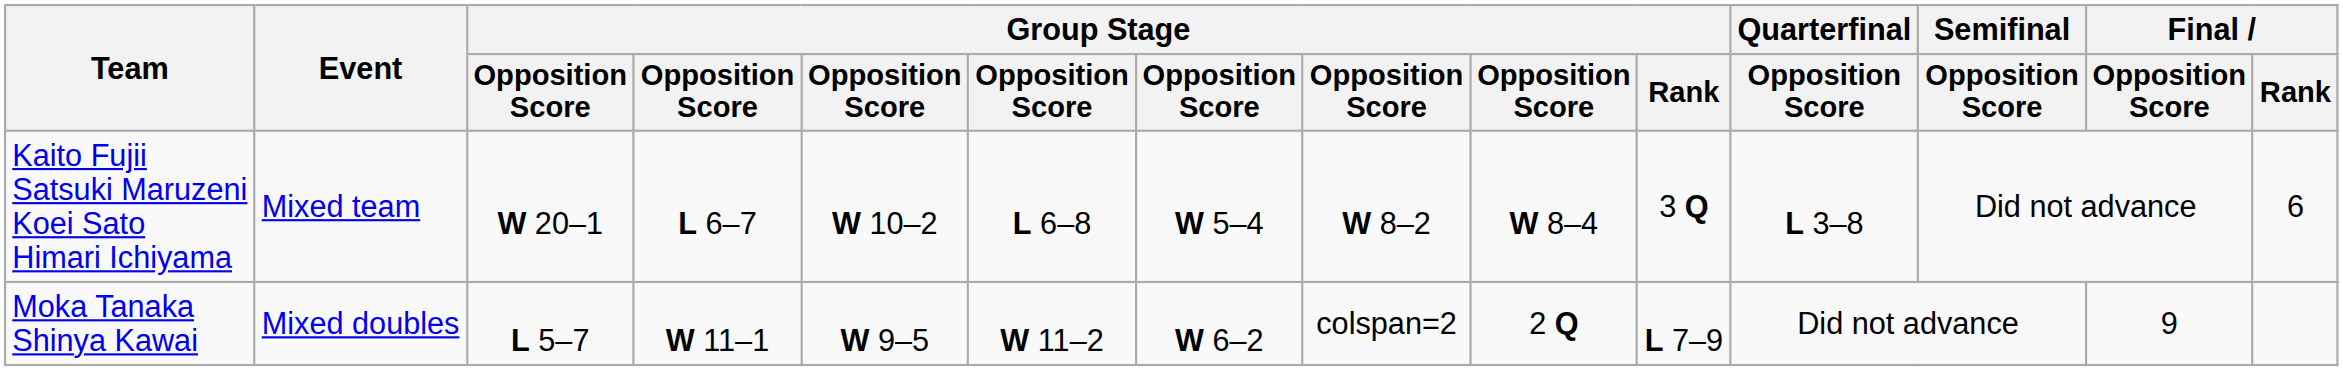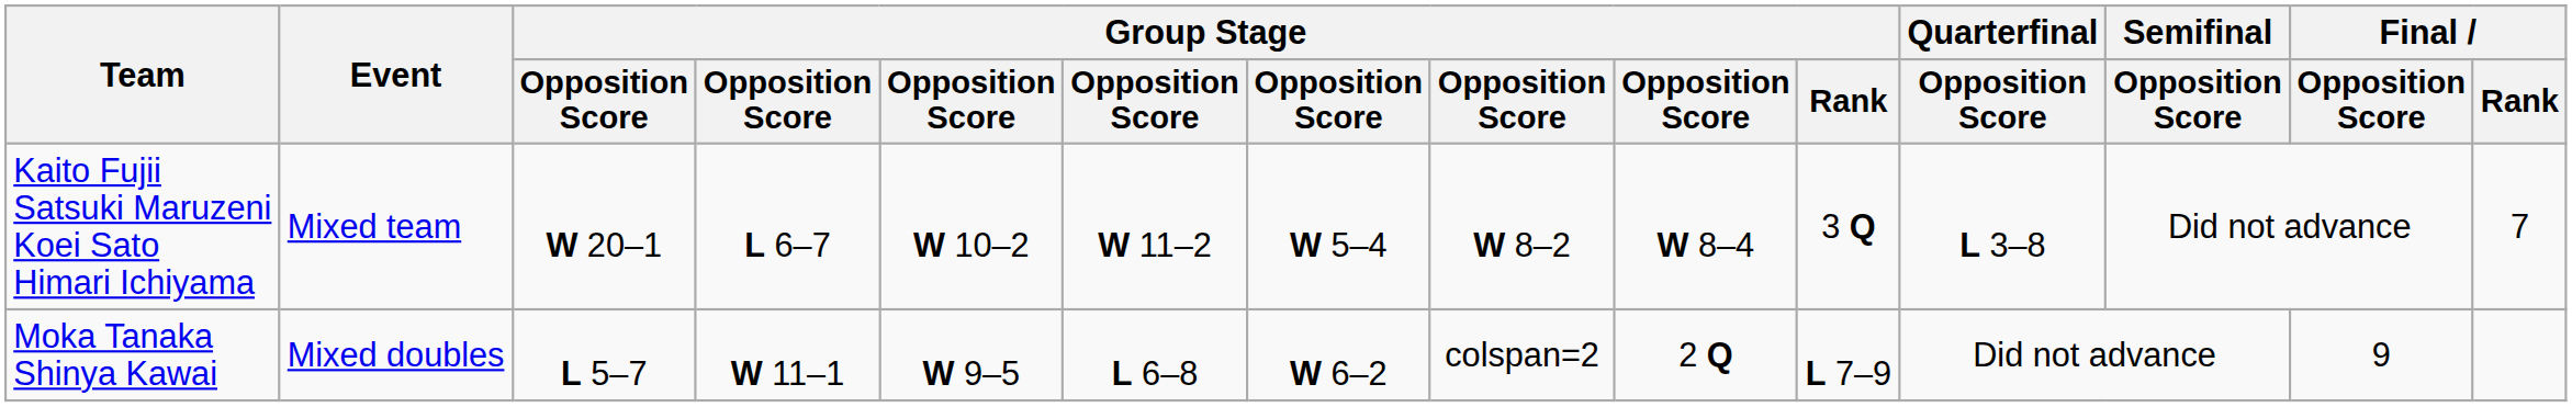 <table class="wikitable" style="font-size:90%">
 <tr>
 <th rowspan=2>Team</th>
 <th rowspan=2>Event</th>
 <th colspan=8>Group Stage</th>
 <th>Quarterfinal</th>
 <th>Semifinal</th>
 <th colspan=2>Final / </th>
 </tr>
 <tr style="font-size:95%">
 <th>Opposition <br> Score</th>
 <th>Opposition <br> Score</th>
 <th>Opposition <br> Score</th>
 <th>Opposition <br> Score</th>
 <th>Opposition <br> Score</th>
 <th>Opposition <br> Score</th>
 <th>Opposition <br> Score</th>
 <th>Rank</th>
 <th>Opposition <br> Score</th>
 <th>Opposition <br> Score</th>
 <th>Opposition <br> Score</th>
 <th>Rank</th>
 </tr>
 <tr align=center>
 <td align=left><a href='#'>Kaito Fujii</a><br><a href='#'>Satsuki Maruzeni</a><br><a href='#'>Koei Sato</a><br><a href='#'>Himari Ichiyama</a></td>
 <td align=left><a href='#'>Mixed team</a></td>
 <td><br><strong>W</strong> 20–1</td>
 <td><br><strong>L</strong> 6–7</td>
 <td><br><strong>W</strong> 10–2</td>
-<td><br><strong>L</strong> 6–8</td>
+<td><br><strong>W</strong> 11–2</td>
 <td><br><strong>W</strong> 5–4</td>
 <td><br><strong>W</strong> 8–2</td>
 <td><br><strong>W</strong> 8–4</td>
 <td>3 <strong>Q</strong></td>
 <td><br><strong>L</strong> 3–8</td>
 <td colspan=2>Did not advance</td>
-<td>6</td>
+<td>7</td>
 </tr>
 <tr align=center>
 <td align=left><a href='#'>Moka Tanaka</a><br><a href='#'>Shinya Kawai</a></td>
 <td align=left><a href='#'>Mixed doubles</a></td>
 <td><br><strong>L</strong> 5–7</td>
 <td><br><strong>W</strong> 11–1</td>
 <td><br><strong>W</strong> 9–5</td>
-<td><br><strong>W</strong> 11–2</td>
+<td><br><strong>L</strong> 6–8</td>
 <td><br><strong>W</strong> 6–2</td>
 <td>colspan=2</td>
 <td>2 <strong>Q</strong></td>
 <td><br><strong>L</strong> 7–9</td>
 <td colspan=2>Did not advance</td>
 <td>9</td>
 </tr>
 </table>
